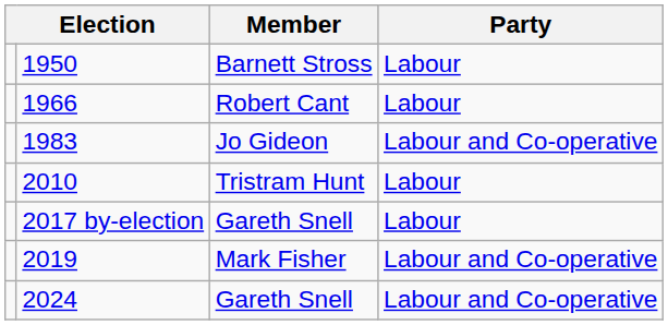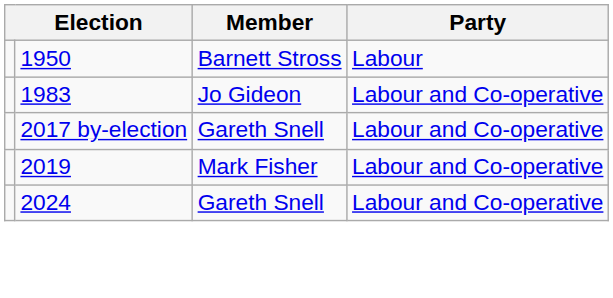 <table class="wikitable">
 <tr>
 <th colspan="2">Election</th>
 <th>Member</th>
 <th>Party</th>
 </tr>
 <tr>
 <td style="color:inherit;background-color: "></td>
 <td><a href='#'>1950</a></td>
 <td><a href='#'>Barnett Stross</a></td>
 <td><a href='#'>Labour</a></td>
 </tr>
 <tr>
 <td style="color:inherit;background-color: "></td>
-<td><a href='#'>1966</a></td>
-<td><a href='#'>Robert Cant</a></td>
-<td><a href='#'>Labour</a></td>
-</tr>
-<tr>
-<td style="color:inherit;background-color: "></td>
 <td><a href='#'>1983</a></td>
 <td><a href='#'>Jo Gideon</a></td>
 <td><a href='#'>Labour and Co-operative</a></td>
 </tr>
 <tr>
 <td style="color:inherit;background-color: "></td>
-<td><a href='#'>2010</a></td>
-<td><a href='#'>Tristram Hunt</a></td>
-<td><a href='#'>Labour</a></td>
-</tr>
-<tr>
-<td style="color:inherit;background-color: "></td>
 <td><a href='#'>2017 by-election</a></td>
 <td><a href='#'>Gareth Snell</a></td>
-<td><a href='#'>Labour</a></td>
+<td><a href='#'>Labour and Co-operative</a></td>
 </tr>
 <tr>
 <td style="color:inherit;background-color: "></td>
 <td><a href='#'>2019</a></td>
 <td><a href='#'>Mark Fisher</a></td>
 <td><a href='#'>Labour and Co-operative</a></td>
 </tr>
 <tr>
 <td style="color:inherit;background-color: "></td>
 <td><a href='#'>2024</a></td>
 <td><a href='#'>Gareth Snell</a></td>
 <td><a href='#'>Labour and Co-operative</a></td>
 </tr>
 </table>
